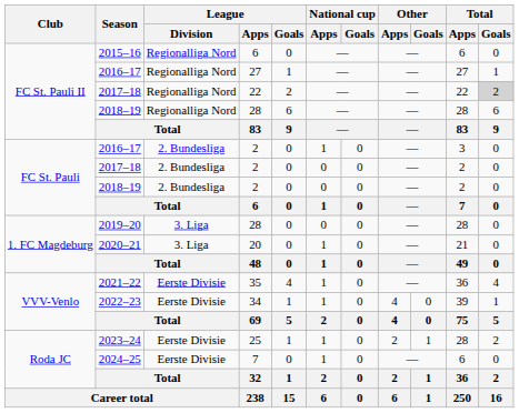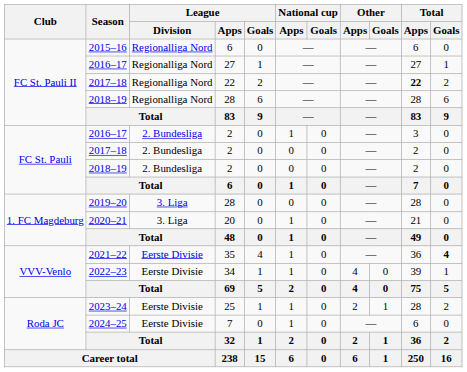 <table class="wikitable" style="text-align:center">
 <tr>
 <th rowspan="2">Club</th>
 <th rowspan="2">Season</th>
 <th colspan="3">League</th>
 <th colspan="2">National cup</th>
 <th colspan="2">Other</th>
 <th colspan="2">Total</th>
 </tr>
 <tr>
 <th>Division</th>
 <th>Apps</th>
 <th>Goals</th>
 <th>Apps</th>
 <th>Goals</th>
 <th>Apps</th>
 <th>Goals</th>
 <th>Apps</th>
 <th>Goals</th>
 </tr>
 <tr>
 <td rowspan="5"><a href='#'>FC St. Pauli II</a></td>
 <td><a href='#'>2015–16</a></td>
 <td><a href='#'>Regionalliga Nord</a></td>
 <td>6</td>
 <td>0</td>
 <td colspan="2">—</td>
 <td colspan="2">—</td>
 <td>6</td>
 <td>0</td>
 </tr>
 <tr>
 <td><a href='#'>2016–17</a></td>
 <td>Regionalliga Nord</td>
 <td>27</td>
 <td>1</td>
 <td colspan="2">—</td>
 <td colspan="2">—</td>
 <td>27</td>
 <td>1</td>
 </tr>
 <tr>
 <td><a href='#'>2017–18</a></td>
 <td>Regionalliga Nord</td>
 <td>22</td>
 <td>2</td>
 <td colspan="2">—</td>
 <td colspan="2">—</td>
-<td>22</td>
-<td style="background: lightgrey;">2</td>
+<td><strong>22</strong></td>
+<td>2</td>
 </tr>
 <tr>
 <td><a href='#'>2018–19</a></td>
 <td>Regionalliga Nord</td>
 <td>28</td>
 <td>6</td>
 <td colspan="2">—</td>
 <td colspan="2">—</td>
 <td>28</td>
 <td>6</td>
 </tr>
 <tr>
 <th colspan="2">Total</th>
 <th>83</th>
 <th>9</th>
 <th colspan="2">—</th>
 <th colspan="2">—</th>
 <th>83</th>
 <th>9</th>
 </tr>
 <tr>
 <td rowspan="4"><a href='#'>FC St. Pauli</a></td>
 <td><a href='#'>2016–17</a></td>
 <td><a href='#'>2. Bundesliga</a></td>
 <td>2</td>
 <td>0</td>
 <td>1</td>
 <td>0</td>
 <td colspan="2">—</td>
 <td>3</td>
 <td>0</td>
 </tr>
 <tr>
 <td><a href='#'>2017–18</a></td>
 <td>2. Bundesliga</td>
 <td>2</td>
 <td>0</td>
 <td>0</td>
 <td>0</td>
 <td colspan="2">—</td>
 <td>2</td>
 <td>0</td>
 </tr>
 <tr>
 <td><a href='#'>2018–19</a></td>
 <td>2. Bundesliga</td>
 <td>2</td>
 <td>0</td>
 <td>0</td>
 <td>0</td>
 <td colspan="2">—</td>
 <td>2</td>
 <td>0</td>
 </tr>
 <tr>
 <th colspan="2">Total</th>
 <th>6</th>
 <th>0</th>
 <th>1</th>
 <th>0</th>
 <th colspan="2">—</th>
 <th>7</th>
 <th>0</th>
 </tr>
 <tr>
 <td rowspan="3"><a href='#'>1. FC Magdeburg</a></td>
 <td><a href='#'>2019–20</a></td>
 <td><a href='#'>3. Liga</a></td>
 <td>28</td>
 <td>0</td>
 <td>0</td>
 <td>0</td>
 <td colspan="2">—</td>
 <td>28</td>
 <td>0</td>
 </tr>
 <tr>
 <td><a href='#'>2020–21</a></td>
 <td>3. Liga</td>
 <td>20</td>
 <td>0</td>
 <td>1</td>
 <td>0</td>
 <td colspan="2">—</td>
 <td>21</td>
 <td>0</td>
 </tr>
 <tr>
 <th colspan="2">Total</th>
 <th>48</th>
 <th>0</th>
 <th>1</th>
 <th>0</th>
 <th colspan="2">—</th>
 <th>49</th>
 <th>0</th>
 </tr>
 <tr>
 <td rowspan="3"><a href='#'>VVV-Venlo</a></td>
 <td><a href='#'>2021–22</a></td>
 <td><a href='#'>Eerste Divisie</a></td>
 <td>35</td>
 <td>4</td>
 <td>1</td>
 <td>0</td>
 <td colspan="2">—</td>
 <td>36</td>
-<td>4</td>
+<td><strong>4</strong></td>
 </tr>
 <tr>
 <td><a href='#'>2022–23</a></td>
 <td>Eerste Divisie</td>
 <td>34</td>
 <td>1</td>
 <td>1</td>
 <td>0</td>
 <td>4</td>
 <td>0</td>
 <td>39</td>
 <td>1</td>
 </tr>
 <tr>
 <th colspan="2">Total</th>
 <th>69</th>
 <th>5</th>
 <th>2</th>
 <th>0</th>
 <th>4</th>
 <th>0</th>
 <th>75</th>
 <th>5</th>
 </tr>
 <tr>
 <td rowspan="3"><a href='#'>Roda JC</a></td>
 <td><a href='#'>2023–24</a></td>
 <td>Eerste Divisie</td>
 <td>25</td>
 <td>1</td>
 <td>1</td>
 <td>0</td>
 <td>2</td>
 <td>1</td>
 <td>28</td>
 <td>2</td>
 </tr>
 <tr>
 <td><a href='#'>2024–25</a></td>
 <td>Eerste Divisie</td>
 <td>7</td>
 <td>0</td>
 <td>1</td>
 <td>0</td>
 <td colspan="2">—</td>
 <td>6</td>
 <td>0</td>
 </tr>
 <tr>
 <th colspan="2">Total</th>
 <th>32</th>
 <th>1</th>
 <th>2</th>
 <th>0</th>
 <th>2</th>
 <th>1</th>
 <th>36</th>
 <th>2</th>
 </tr>
 <tr>
 <th colspan="3">Career total</th>
 <th>238</th>
 <th>15</th>
 <th>6</th>
 <th>0</th>
 <th>6</th>
 <th>1</th>
 <th>250</th>
 <th>16</th>
 </tr>
 </table>
